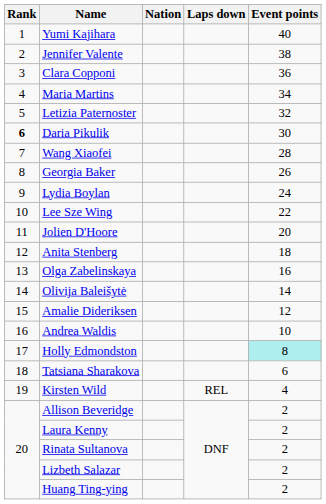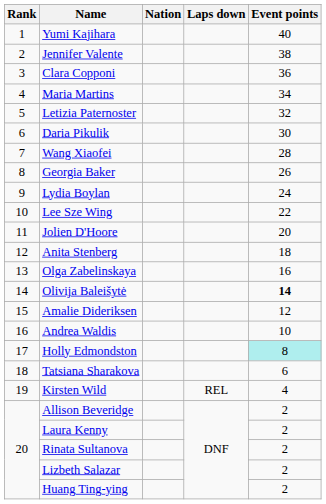 <table class="wikitable sortable" style="text-align:center">
 <tr>
 <th>Rank</th>
 <th>Name</th>
 <th>Nation</th>
 <th>Laps down</th>
 <th>Event points</th>
 </tr>
 <tr>
 <td>1</td>
 <td align=left><a href='#'>Yumi Kajihara</a></td>
 <td align=left></td>
 <td></td>
 <td>40</td>
 </tr>
 <tr>
 <td>2</td>
 <td align=left><a href='#'>Jennifer Valente</a></td>
 <td align=left></td>
 <td></td>
 <td>38</td>
 </tr>
 <tr>
 <td>3</td>
 <td align=left><a href='#'>Clara Copponi</a></td>
 <td align=left></td>
 <td></td>
 <td>36</td>
 </tr>
 <tr>
 <td>4</td>
 <td align=left><a href='#'>Maria Martins</a></td>
 <td align=left></td>
 <td></td>
 <td>34</td>
 </tr>
 <tr>
 <td>5</td>
 <td align=left><a href='#'>Letizia Paternoster</a></td>
 <td align=left></td>
 <td></td>
 <td>32</td>
 </tr>
 <tr>
-<td><strong>6</strong></td>
+<td>6</td>
 <td align=left><a href='#'>Daria Pikulik</a></td>
 <td align=left></td>
 <td></td>
 <td>30</td>
 </tr>
 <tr>
 <td>7</td>
 <td align=left><a href='#'>Wang Xiaofei</a></td>
 <td align=left></td>
 <td></td>
 <td>28</td>
 </tr>
 <tr>
 <td>8</td>
 <td align=left><a href='#'>Georgia Baker</a></td>
 <td align=left></td>
 <td></td>
 <td>26</td>
 </tr>
 <tr>
 <td>9</td>
 <td align=left><a href='#'>Lydia Boylan</a></td>
 <td align=left></td>
 <td></td>
 <td>24</td>
 </tr>
 <tr>
 <td>10</td>
 <td align=left><a href='#'>Lee Sze Wing</a></td>
 <td align=left></td>
 <td></td>
 <td>22</td>
 </tr>
 <tr>
 <td>11</td>
 <td align=left><a href='#'>Jolien D'Hoore</a></td>
 <td align=left></td>
 <td></td>
 <td>20</td>
 </tr>
 <tr>
 <td>12</td>
 <td align=left><a href='#'>Anita Stenberg</a></td>
 <td align=left></td>
 <td></td>
 <td>18</td>
 </tr>
 <tr>
 <td>13</td>
 <td align=left><a href='#'>Olga Zabelinskaya</a></td>
 <td align=left></td>
 <td></td>
 <td>16</td>
 </tr>
 <tr>
 <td>14</td>
 <td align=left><a href='#'>Olivija Baleišytė</a></td>
 <td align=left></td>
 <td></td>
-<td>14</td>
+<td><strong>14</strong></td>
 </tr>
 <tr>
 <td>15</td>
 <td align=left><a href='#'>Amalie Dideriksen</a></td>
 <td align=left></td>
 <td></td>
 <td>12</td>
 </tr>
 <tr>
 <td>16</td>
 <td align=left><a href='#'>Andrea Waldis</a></td>
 <td align=left></td>
 <td></td>
 <td>10</td>
 </tr>
 <tr>
 <td>17</td>
 <td align=left><a href='#'>Holly Edmondston</a></td>
 <td align=left></td>
 <td></td>
 <td style="background: paleturquoise;">8</td>
 </tr>
 <tr>
 <td>18</td>
 <td align=left><a href='#'>Tatsiana Sharakova</a></td>
 <td align=left></td>
 <td></td>
 <td>6</td>
 </tr>
 <tr>
 <td>19</td>
 <td align=left><a href='#'>Kirsten Wild</a></td>
 <td align=left></td>
 <td>REL</td>
 <td>4</td>
 </tr>
 <tr>
 <td rowspan=5>20</td>
 <td align=left><a href='#'>Allison Beveridge</a></td>
 <td align=left></td>
 <td rowspan=5>DNF</td>
 <td>2</td>
 </tr>
 <tr>
 <td align=left><a href='#'>Laura Kenny</a></td>
 <td align=left></td>
 <td>2</td>
 </tr>
 <tr>
 <td align=left><a href='#'>Rinata Sultanova</a></td>
 <td align=left></td>
 <td>2</td>
 </tr>
 <tr>
 <td align=left><a href='#'>Lizbeth Salazar</a></td>
 <td align=left></td>
 <td>2</td>
 </tr>
 <tr>
 <td align=left><a href='#'>Huang Ting-ying</a></td>
 <td align=left></td>
 <td>2</td>
 </tr>
 </table>
